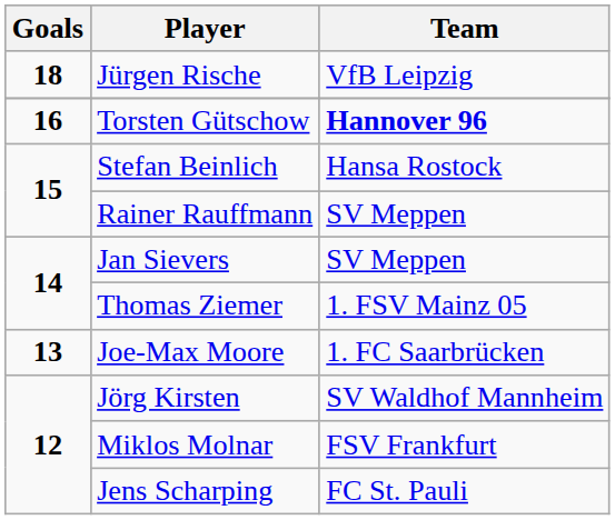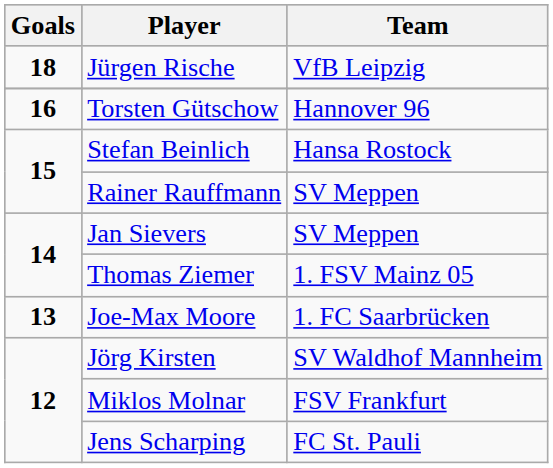 <table class="wikitable">
 <tr>
 <th>Goals</th>
 <th>Player</th>
 <th>Team</th>
 </tr>
 <tr>
 <td rowspan="1" align=center><strong>18</strong></td>
 <td> <a href='#'>Jürgen Rische</a></td>
 <td><a href='#'>VfB Leipzig</a></td>
 </tr>
 <tr>
 </tr>
 <tr>
 <td rowspan="1" align=center><strong>16</strong></td>
 <td> <a href='#'>Torsten Gütschow</a></td>
-<td><strong><a href='#'>Hannover 96</a></strong></td>
+<td><a href='#'>Hannover 96</a></td>
 </tr>
 <tr>
 <td rowspan="2" align=center><strong>15</strong></td>
 <td> <a href='#'>Stefan Beinlich</a></td>
 <td><a href='#'>Hansa Rostock</a></td>
 </tr>
 <tr>
 <td> <a href='#'>Rainer Rauffmann</a></td>
 <td><a href='#'>SV Meppen</a></td>
 </tr>
 <tr>
 <td rowspan="2" align=center><strong>14</strong></td>
 <td> <a href='#'>Jan Sievers</a></td>
 <td><a href='#'>SV Meppen</a></td>
 </tr>
 <tr>
 <td> <a href='#'>Thomas Ziemer</a></td>
 <td><a href='#'>1. FSV Mainz 05</a></td>
 </tr>
 <tr>
 <td rowspan="1" align=center><strong>13</strong></td>
 <td> <a href='#'>Joe-Max Moore</a></td>
 <td><a href='#'>1. FC Saarbrücken</a></td>
 </tr>
 <tr>
 <td rowspan="3" align=center><strong>12</strong></td>
 <td> <a href='#'>Jörg Kirsten</a></td>
 <td><a href='#'>SV Waldhof Mannheim</a></td>
 </tr>
 <tr>
 <td> <a href='#'>Miklos Molnar</a></td>
 <td><a href='#'>FSV Frankfurt</a></td>
 </tr>
 <tr>
 <td> <a href='#'>Jens Scharping</a></td>
 <td><a href='#'>FC St. Pauli</a></td>
 </tr>
 </table>
